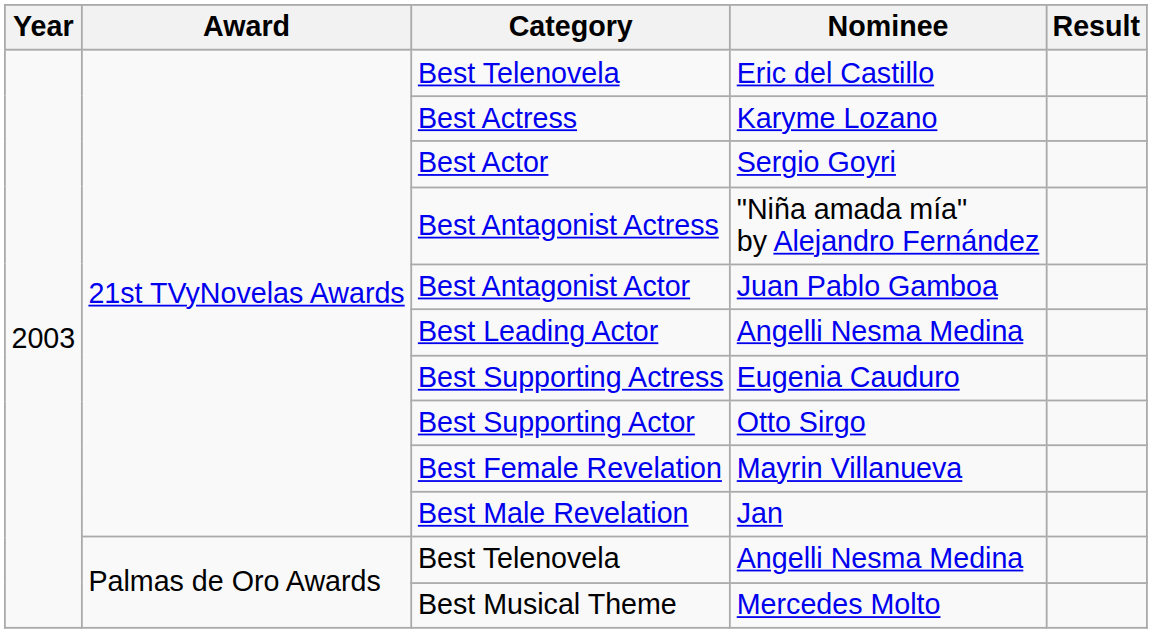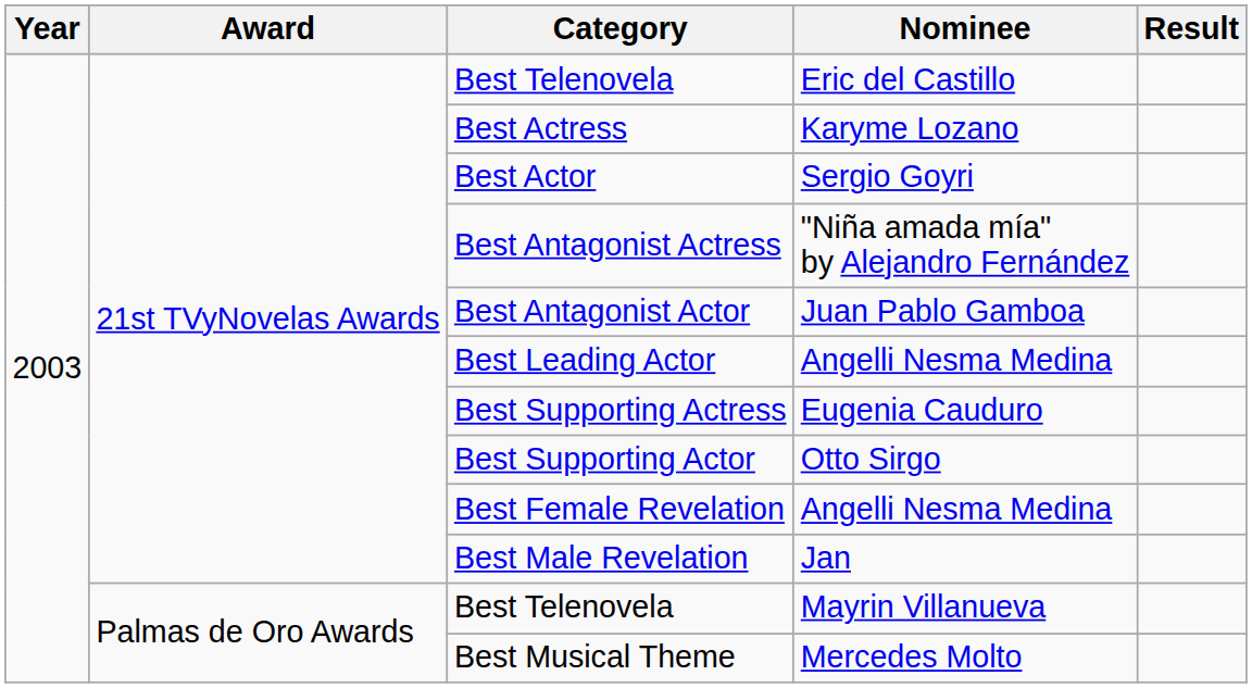 <table class="wikitable">
 <tr style="background:#b0c4de;">
 <th>Year</th>
 <th>Award</th>
 <th>Category</th>
 <th>Nominee</th>
 <th>Result</th>
 </tr>
 <tr>
 <td rowspan=12>2003</td>
 <td rowspan=10><a href='#'>21st TVyNovelas Awards</a></td>
 <td><a href='#'>Best Telenovela</a></td>
 <td><a href='#'>Eric del Castillo</a></td>
 <td></td>
 </tr>
 <tr>
 <td><a href='#'>Best Actress</a></td>
 <td><a href='#'>Karyme Lozano</a></td>
 <td></td>
 </tr>
 <tr>
 <td><a href='#'>Best Actor</a></td>
 <td><a href='#'>Sergio Goyri</a></td>
 <td></td>
 </tr>
 <tr>
 <td><a href='#'>Best Antagonist Actress</a></td>
 <td>"Niña amada mía" <br> by <a href='#'>Alejandro Fernández</a></td>
 <td></td>
 </tr>
 <tr>
 <td><a href='#'>Best Antagonist Actor</a></td>
 <td><a href='#'>Juan Pablo Gamboa</a></td>
 <td></td>
 </tr>
 <tr>
 <td><a href='#'>Best Leading Actor</a></td>
 <td><a href='#'>Angelli Nesma Medina</a></td>
 <td></td>
 </tr>
 <tr>
 <td><a href='#'>Best Supporting Actress</a></td>
 <td><a href='#'>Eugenia Cauduro</a></td>
 <td></td>
 </tr>
 <tr>
 <td><a href='#'>Best Supporting Actor</a></td>
 <td><a href='#'>Otto Sirgo</a></td>
 <td></td>
 </tr>
 <tr>
 <td><a href='#'>Best Female Revelation</a></td>
-<td><a href='#'>Mayrin Villanueva</a></td>
+<td><a href='#'>Angelli Nesma Medina</a></td>
 <td></td>
 </tr>
 <tr>
 <td><a href='#'>Best Male Revelation</a></td>
 <td><a href='#'>Jan</a></td>
 <td></td>
 </tr>
 <tr>
 <td rowspan=2>Palmas de Oro Awards</td>
 <td>Best Telenovela</td>
-<td><a href='#'>Angelli Nesma Medina</a></td>
+<td><a href='#'>Mayrin Villanueva</a></td>
 <td></td>
 </tr>
 <tr>
 <td>Best Musical Theme</td>
 <td><a href='#'>Mercedes Molto</a></td>
 <td></td>
 </tr>
 </table>
